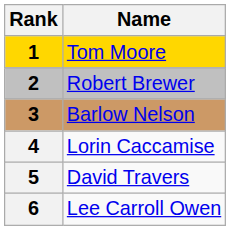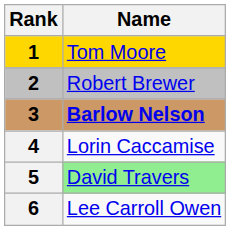 <table class="wikitable">
 <tr>
 <th>Rank</th>
 <th>Name</th>
 </tr>
 <tr bgcolor="gold">
 <td align="center"><strong>1</strong></td>
 <td><a href='#'>Tom Moore</a></td>
 </tr>
 <tr bgcolor="silver">
 <td align="center"><strong>2</strong></td>
 <td><a href='#'>Robert Brewer</a></td>
 </tr>
 <tr bgcolor="cc9966">
 <td align="center"><strong>3</strong></td>
-<td><a href='#'>Barlow Nelson</a></td>
+<td><strong><a href='#'>Barlow Nelson</a></strong></td>
 </tr>
 <tr>
 <th>4</th>
 <td><a href='#'>Lorin Caccamise</a></td>
 </tr>
 <tr>
 <th>5</th>
-<td><a href='#'>David Travers</a></td>
+<td style="background: lightgreen;"><a href='#'>David Travers</a></td>
 </tr>
 <tr>
 <th>6</th>
 <td><a href='#'>Lee Carroll Owen</a></td>
 </tr>
 </table>
